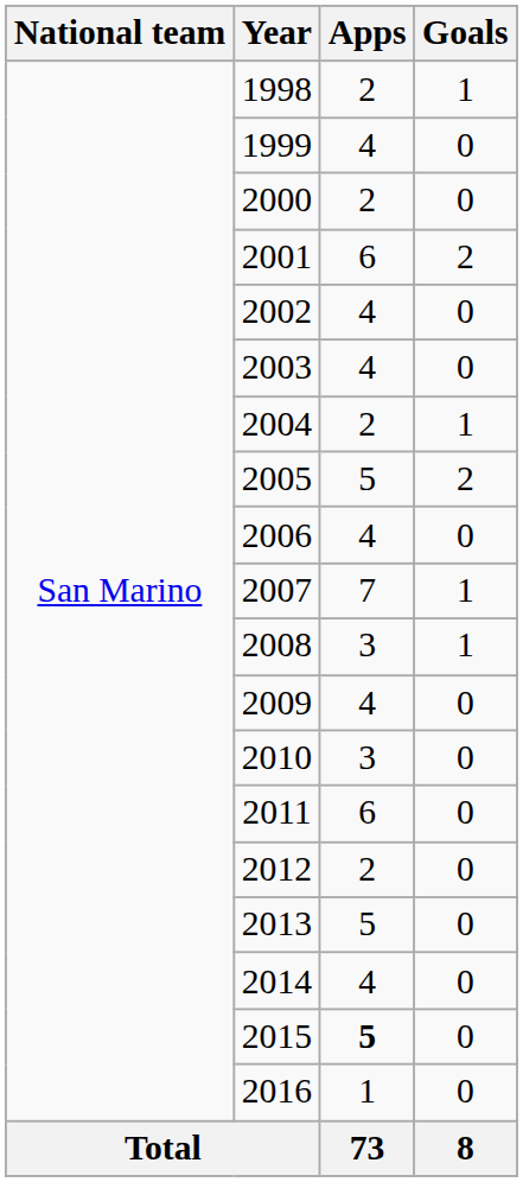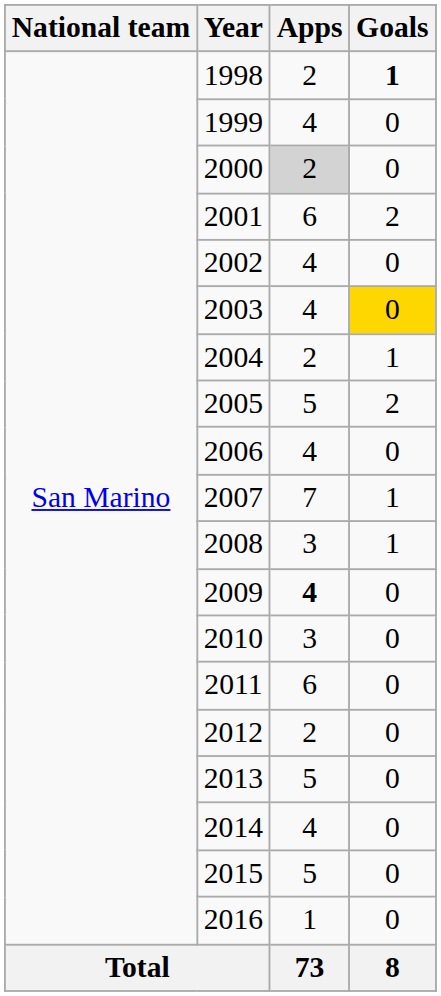 <table class="wikitable" style="text-align: center;">
 <tr>
 <th>National team</th>
 <th>Year</th>
 <th>Apps</th>
 <th>Goals</th>
 </tr>
 <tr>
 <td rowspan="19"><a href='#'>San Marino</a></td>
 <td>1998</td>
 <td>2</td>
-<td>1</td>
+<td><strong>1</strong></td>
 </tr>
 <tr>
 <td>1999</td>
 <td>4</td>
 <td>0</td>
 </tr>
 <tr>
 <td>2000</td>
-<td>2</td>
+<td style="background: lightgrey;">2</td>
 <td>0</td>
 </tr>
 <tr>
 <td>2001</td>
 <td>6</td>
 <td>2</td>
 </tr>
 <tr>
 <td>2002</td>
 <td>4</td>
 <td>0</td>
 </tr>
 <tr>
 <td>2003</td>
 <td>4</td>
-<td>0</td>
+<td style="background: gold;">0</td>
 </tr>
 <tr>
 <td>2004</td>
 <td>2</td>
 <td>1</td>
 </tr>
 <tr>
 <td>2005</td>
 <td>5</td>
 <td>2</td>
 </tr>
 <tr>
 <td>2006</td>
 <td>4</td>
 <td>0</td>
 </tr>
 <tr>
 <td>2007</td>
 <td>7</td>
 <td>1</td>
 </tr>
 <tr>
 <td>2008</td>
 <td>3</td>
 <td>1</td>
 </tr>
 <tr>
 <td>2009</td>
-<td>4</td>
+<td><strong>4</strong></td>
 <td>0</td>
 </tr>
 <tr>
 <td>2010</td>
 <td>3</td>
 <td>0</td>
 </tr>
 <tr>
 <td>2011</td>
 <td>6</td>
 <td>0</td>
 </tr>
 <tr>
 <td>2012</td>
 <td>2</td>
 <td>0</td>
 </tr>
 <tr>
 <td>2013</td>
 <td>5</td>
 <td>0</td>
 </tr>
 <tr>
 <td>2014</td>
 <td>4</td>
 <td>0</td>
 </tr>
 <tr>
 <td>2015</td>
-<td><strong>5</strong></td>
+<td>5</td>
 <td>0</td>
 </tr>
 <tr>
 <td>2016</td>
 <td>1</td>
 <td>0</td>
 </tr>
 <tr>
 <th colspan="2">Total</th>
 <th>73</th>
 <th>8</th>
 </tr>
 </table>
